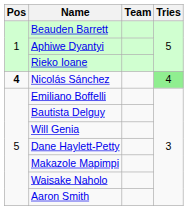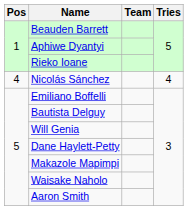 <table class="wikitable" style="text-align:center">
 <tr>
 <th>Pos</th>
 <th>Name</th>
 <th>Team</th>
 <th>Tries</th>
 </tr>
 <tr style="background:#d0ffd0">
 <td rowspan=3>1</td>
 <td align="left"><a href='#'>Beauden Barrett</a></td>
 <td align="left"></td>
 <td rowspan=3>5</td>
 </tr>
 <tr style="background:#d0ffd0">
 <td align="left"><a href='#'>Aphiwe Dyantyi</a></td>
 <td align="left"></td>
 </tr>
 <tr style="background:#d0ffd0">
 <td align="left"><a href='#'>Rieko Ioane</a></td>
 <td align="left"></td>
 </tr>
 <tr>
-<td><strong>4</strong></td>
+<td>4</td>
 <td align="left"><a href='#'>Nicolás Sánchez</a></td>
 <td align="left"></td>
-<td style="background: lightgreen;">4</td>
+<td>4</td>
 </tr>
 <tr>
 <td rowspan=7>5</td>
 <td align="left"><a href='#'>Emiliano Boffelli</a></td>
 <td align="left"></td>
 <td rowspan=7>3</td>
 </tr>
 <tr>
 <td align="left"><a href='#'>Bautista Delguy</a></td>
 <td align="left"></td>
 </tr>
 <tr>
 <td align="left"><a href='#'>Will Genia</a></td>
 <td align="left"></td>
 </tr>
 <tr>
 <td align="left"><a href='#'>Dane Haylett-Petty</a></td>
 <td align="left"></td>
 </tr>
 <tr>
 <td align="left"><a href='#'>Makazole Mapimpi</a></td>
 <td align="left"></td>
 </tr>
 <tr>
 <td align="left"><a href='#'>Waisake Naholo</a></td>
 <td align="left"></td>
 </tr>
 <tr>
 <td align="left"><a href='#'>Aaron Smith</a></td>
 <td align="left"></td>
 </tr>
 </table>
